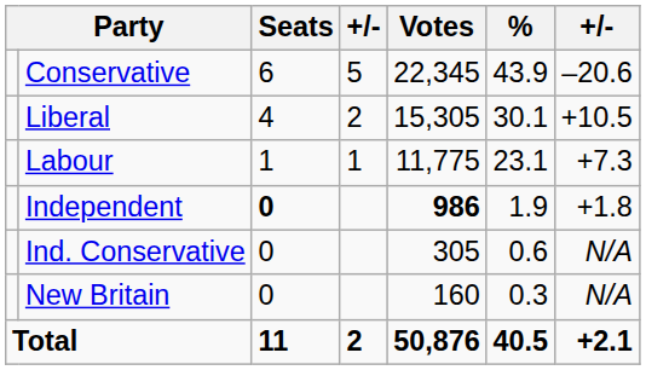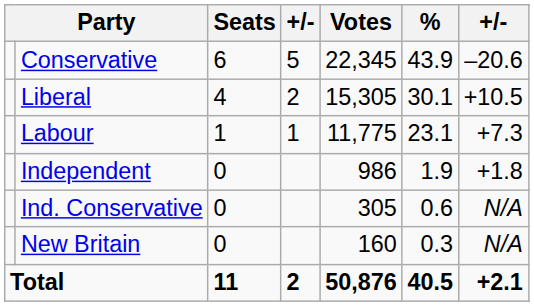 <table class="wikitable sortable">
 <tr>
 <th colspan="2">Party</th>
 <th>Seats</th>
 <th>+/-</th>
 <th>Votes</th>
 <th>%</th>
 <th>+/-</th>
 </tr>
 <tr>
 <td style="background-color: "></td>
 <td><a href='#'>Conservative</a></td>
 <td>6</td>
 <td> 5</td>
 <td style="text-align:right;">22,345</td>
 <td style="text-align:right;">43.9</td>
 <td style="text-align:right;">–20.6</td>
 </tr>
 <tr>
 <td style="background-color: "></td>
 <td><a href='#'>Liberal</a></td>
 <td>4</td>
 <td> 2</td>
 <td style="text-align:right;">15,305</td>
 <td style="text-align:right;">30.1</td>
 <td style="text-align:right;">+10.5</td>
 </tr>
 <tr>
 <td style="background-color: "></td>
 <td><a href='#'>Labour</a></td>
 <td>1</td>
 <td> 1</td>
 <td style="text-align:right;">11,775</td>
 <td style="text-align:right;">23.1</td>
 <td style="text-align:right;">+7.3</td>
 </tr>
 <tr>
 <td style="background-color: "></td>
 <td><a href='#'>Independent</a></td>
-<td><strong>0</strong></td>
+<td>0</td>
 <td></td>
-<td style="text-align:right;"><strong>986</strong></td>
+<td style="text-align:right;">986</td>
 <td style="text-align:right;">1.9</td>
 <td style="text-align:right;">+1.8</td>
 </tr>
 <tr>
 <td style="background-color: "></td>
 <td><a href='#'>Ind. Conservative</a></td>
 <td>0</td>
 <td></td>
 <td style="text-align:right;">305</td>
 <td style="text-align:right;">0.6</td>
 <td style="text-align:right;"><em>N/A</em></td>
 </tr>
 <tr>
 <td style="background-color: "></td>
 <td><a href='#'>New Britain</a></td>
 <td>0</td>
 <td></td>
 <td style="text-align:right;">160</td>
 <td style="text-align:right;">0.3</td>
 <td style="text-align:right;"><em>N/A</em></td>
 </tr>
 <tr>
 <td colspan="2"><strong>Total</strong></td>
 <td><strong>11</strong></td>
 <td> <strong>2</strong></td>
 <td style="text-align:right;"><strong>50,876</strong></td>
 <td style="text-align:right;"><strong>40.5</strong></td>
 <td style="text-align:right;"><strong>+2.1</strong></td>
 </tr>
 </table>
